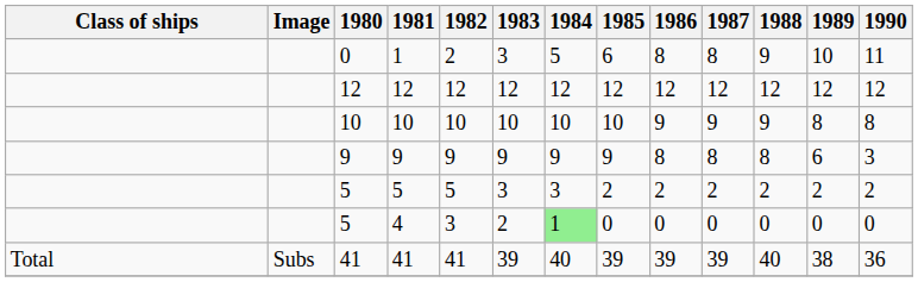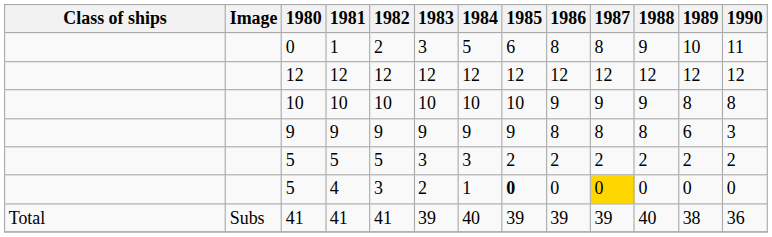 <table class="wikitable sortable collapsible collapsed">
 <tr>
 <th style="width:29%;">Class of ships</th>
 <th>Image</th>
 <th>1980</th>
 <th>1981</th>
 <th>1982</th>
 <th>1983</th>
 <th>1984</th>
 <th>1985</th>
 <th>1986</th>
 <th>1987</th>
 <th>1988</th>
 <th>1989</th>
 <th>1990</th>
 </tr>
 <tr valign="top">
 <td></td>
 <td></td>
 <td>0</td>
 <td>1</td>
 <td>2</td>
 <td>3</td>
 <td>5</td>
 <td>6</td>
 <td>8</td>
 <td>8</td>
 <td>9</td>
 <td>10</td>
 <td>11</td>
 </tr>
 <tr valign="top">
 <td></td>
 <td></td>
 <td>12</td>
 <td>12</td>
 <td>12</td>
 <td>12</td>
 <td>12</td>
 <td>12</td>
 <td>12</td>
 <td>12</td>
 <td>12</td>
 <td>12</td>
 <td>12</td>
 </tr>
 <tr valign="top">
 <td></td>
 <td></td>
 <td>10</td>
 <td>10</td>
 <td>10</td>
 <td>10</td>
 <td>10</td>
 <td>10</td>
 <td>9</td>
 <td>9</td>
 <td>9</td>
 <td>8</td>
 <td>8</td>
 </tr>
 <tr valign="top">
 <td></td>
 <td></td>
 <td>9</td>
 <td>9</td>
 <td>9</td>
 <td>9</td>
 <td>9</td>
 <td>9</td>
 <td>8</td>
 <td>8</td>
 <td>8</td>
 <td>6</td>
 <td>3</td>
 </tr>
 <tr valign="top">
 <td></td>
 <td></td>
 <td>5</td>
 <td>5</td>
 <td>5</td>
 <td>3</td>
 <td>3</td>
 <td>2</td>
 <td>2</td>
 <td>2</td>
 <td>2</td>
 <td>2</td>
 <td>2</td>
 </tr>
 <tr valign="top">
 <td></td>
 <td></td>
 <td>5</td>
 <td>4</td>
 <td>3</td>
 <td>2</td>
-<td style="background: lightgreen;">1</td>
+<td>1</td>
+<td><strong>0</strong></td>
 <td>0</td>
-<td>0</td>
-<td>0</td>
+<td style="background: gold;">0</td>
 <td>0</td>
 <td>0</td>
 <td>0</td>
 </tr>
 <tr valign="top">
 <td>Total</td>
 <td>Subs</td>
 <td>41</td>
 <td>41</td>
 <td>41</td>
 <td>39</td>
 <td>40</td>
 <td>39</td>
 <td>39</td>
 <td>39</td>
 <td>40</td>
 <td>38</td>
 <td>36</td>
 </tr>
 <tr>
 </tr>
 </table>
